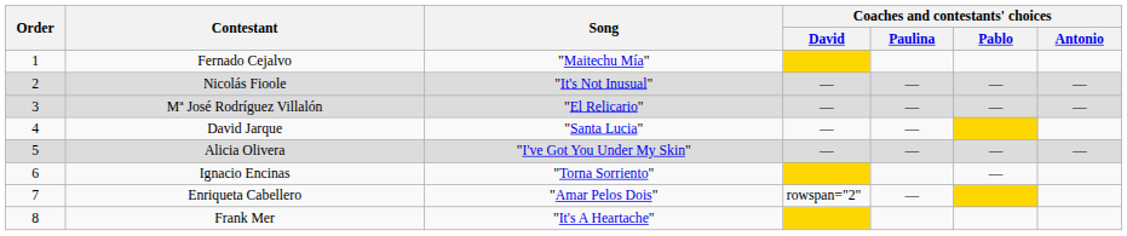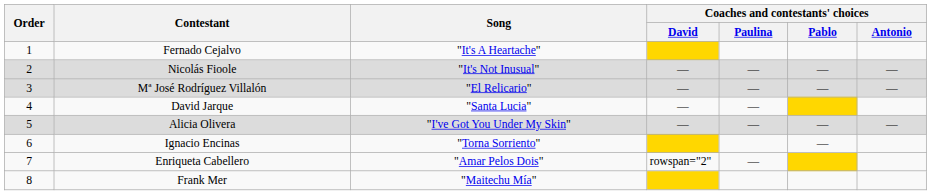 <table class="wikitable" align="center" style="width:100%;">
 <tr>
 <th scope="col" rowspan="2" style="width:05%;">Order</th>
 <th scope="col" rowspan="2" style="width:30%;">Contestant</th>
 <th scope="col" rowspan="2" style="width:30%;">Song</th>
 <th colspan="4" style="width:28%;">Coaches and contestants' choices</th>
 </tr>
 <tr>
 <th style="width:7%;"><a href='#'>David</a></th>
 <th style="width:7%;"><a href='#'>Paulina</a></th>
 <th style="width:7%;"><a href='#'>Pablo</a></th>
 <th style="width:7%;"><a href='#'>Antonio</a></th>
 </tr>
 <tr>
 <td align="center">1</td>
 <td align="center">Fernado Cejalvo</td>
-<td align="center">"<a href='#'>Maitechu Mía</a>"</td>
+<td align="center">"<a href='#'>It's A Heartache</a>"</td>
 <td align="center" bgcolor="Gold"></td>
 <td align="center"></td>
 <td align="center"></td>
 <td align="center"></td>
 </tr>
 <tr bgcolor=DCDCDC |>
 <td align="center">2</td>
 <td align="center">Nicolás Fioole</td>
 <td align="center">"<a href='#'>It's Not Inusual</a>"</td>
 <td align="center">—</td>
 <td align="center">—</td>
 <td align="center">—</td>
 <td align="center">—</td>
 </tr>
 <tr bgcolor=DCDCDC |>
 <td align="center">3</td>
 <td align="center">Mª José Rodríguez Villalón</td>
 <td align="center">"<a href='#'>El Relicario</a>"</td>
 <td align="center">—</td>
 <td align="center">—</td>
 <td align="center">—</td>
 <td align="center">—</td>
 </tr>
 <tr>
 <td align="center">4</td>
 <td align="center">David Jarque</td>
 <td align="center">"<a href='#'>Santa Lucia</a>"</td>
 <td align="center">—</td>
 <td align="center">—</td>
 <td align="center" bgcolor="Gold"></td>
 <td align="center"></td>
 </tr>
 <tr bgcolor=DCDCDC |>
 <td align="center">5</td>
 <td align="center">Alicia Olivera</td>
 <td align="center">"<a href='#'>I've Got You Under My Skin</a>"</td>
 <td align="center">—</td>
 <td align="center">—</td>
 <td align="center">—</td>
 <td align="center">—</td>
 </tr>
 <tr>
 <td align="center">6</td>
 <td align="center">Ignacio Encinas</td>
 <td align="center">"<a href='#'>Torna Sorriento</a>"</td>
 <td align="center" bgcolor="Gold"></td>
 <td align="center"></td>
 <td align="center">—</td>
 <td align="center"></td>
 </tr>
 <tr>
 <td align="center">7</td>
 <td align="center">Enriqueta Cabellero</td>
 <td align="center">"<a href='#'>Amar Pelos Dois</a>"</td>
 <td>rowspan="2" </td>
 <td align="center">—</td>
 <td align="center" bgcolor="Gold"></td>
 <td align="center"></td>
 </tr>
 <tr>
 <td align="center">8</td>
 <td align="center">Frank Mer</td>
-<td align="center">"<a href='#'>It's A Heartache</a>"</td>
+<td align="center">"<a href='#'>Maitechu Mía</a>"</td>
 <td align="center" bgcolor="Gold"></td>
 <td align="center"></td>
 <td align="center"></td>
 </tr>
 </table>
